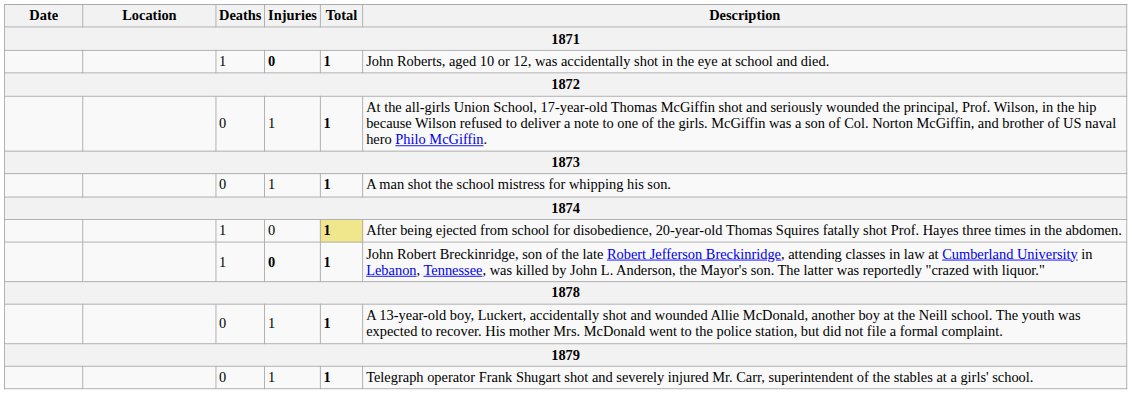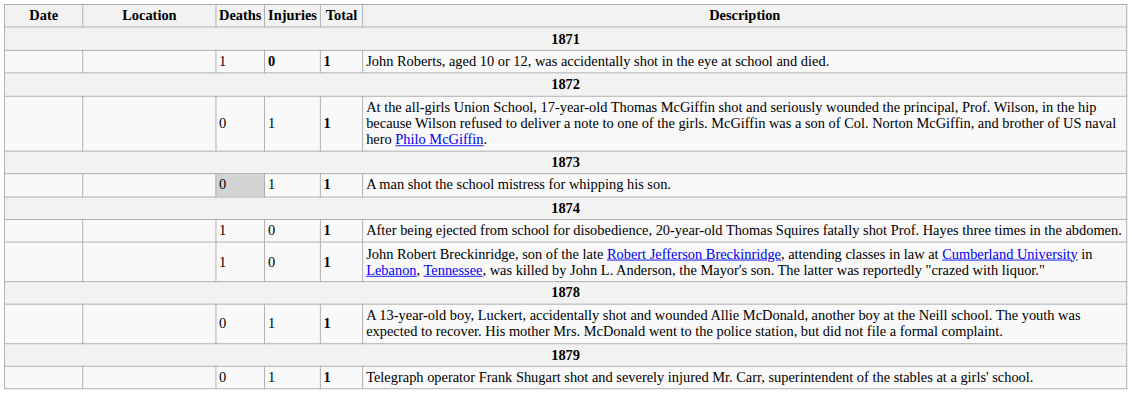 <table class="sortable wikitable" style="font-size:100%;" id="1870s">
 <tr>
 </tr>
 <tr>
 <th style="width:80px;">Date</th>
 <th style="width:140px;">Location</th>
 <th style="width:40px;">Deaths</th>
 <th style="width:40px;">Injuries</th>
 <th style="width:40px;">Total</th>
 <th class="unsortable">Description</th>
 </tr>
 <tr>
 <th colspan="6">1871 </th>
 </tr>
 <tr>
 <td></td>
 <td></td>
 <td>1</td>
 <td><strong>0</strong></td>
 <td><strong>1</strong></td>
 <td>John Roberts, aged 10 or 12, was accidentally shot in the eye at school and died.</td>
 </tr>
 <tr>
 <th colspan="6">1872 </th>
 </tr>
 <tr>
 <td></td>
 <td></td>
 <td>0</td>
 <td>1</td>
 <td><strong>1</strong></td>
 <td>At the all-girls Union School, 17-year-old Thomas McGiffin shot and seriously wounded the principal, Prof. Wilson, in the hip because Wilson refused to deliver a note to one of the girls. McGiffin was a son of Col. Norton McGiffin, and brother of US naval hero <a href='#'>Philo McGiffin</a>.</td>
 </tr>
 <tr>
 <th colspan="6">1873 </th>
 </tr>
 <tr>
 <td></td>
 <td></td>
-<td>0</td>
+<td style="background: lightgrey;">0</td>
 <td>1</td>
 <td><strong>1</strong></td>
 <td>A man shot the school mistress for whipping his son.</td>
 </tr>
 <tr>
 <th colspan="6">1874 </th>
 </tr>
 <tr>
 <td></td>
 <td></td>
 <td>1</td>
 <td>0</td>
-<td style="background: khaki;"><strong>1</strong></td>
+<td><strong>1</strong></td>
 <td>After being ejected from school for disobedience, 20-year-old Thomas Squires fatally shot Prof. Hayes three times in the abdomen.</td>
 </tr>
 <tr>
 <td></td>
 <td></td>
 <td>1</td>
-<td><strong>0</strong></td>
+<td>0</td>
 <td><strong>1</strong></td>
 <td>John Robert Breckinridge, son of the late <a href='#'>Robert Jefferson Breckinridge</a>, attending classes in law at <a href='#'>Cumberland University</a> in <a href='#'>Lebanon</a>, <a href='#'>Tennessee</a>, was killed by John L. Anderson, the Mayor's son. The latter was reportedly "crazed with liquor."</td>
 </tr>
 <tr>
 <th colspan="6">1878 </th>
 </tr>
 <tr>
 <td></td>
 <td></td>
 <td>0</td>
 <td>1</td>
 <td><strong>1</strong></td>
 <td>A 13-year-old boy, Luckert, accidentally shot and wounded Allie McDonald, another boy at the Neill school. The youth was expected to recover. His mother Mrs. McDonald went to the police station, but did not file a formal complaint.</td>
 </tr>
 <tr>
 <th colspan="6">1879 </th>
 </tr>
 <tr>
 <td></td>
 <td></td>
 <td>0</td>
 <td>1</td>
 <td><strong>1</strong></td>
 <td>Telegraph operator Frank Shugart shot and severely injured Mr. Carr, superintendent of the stables at a girls' school.</td>
 </tr>
 </table>
